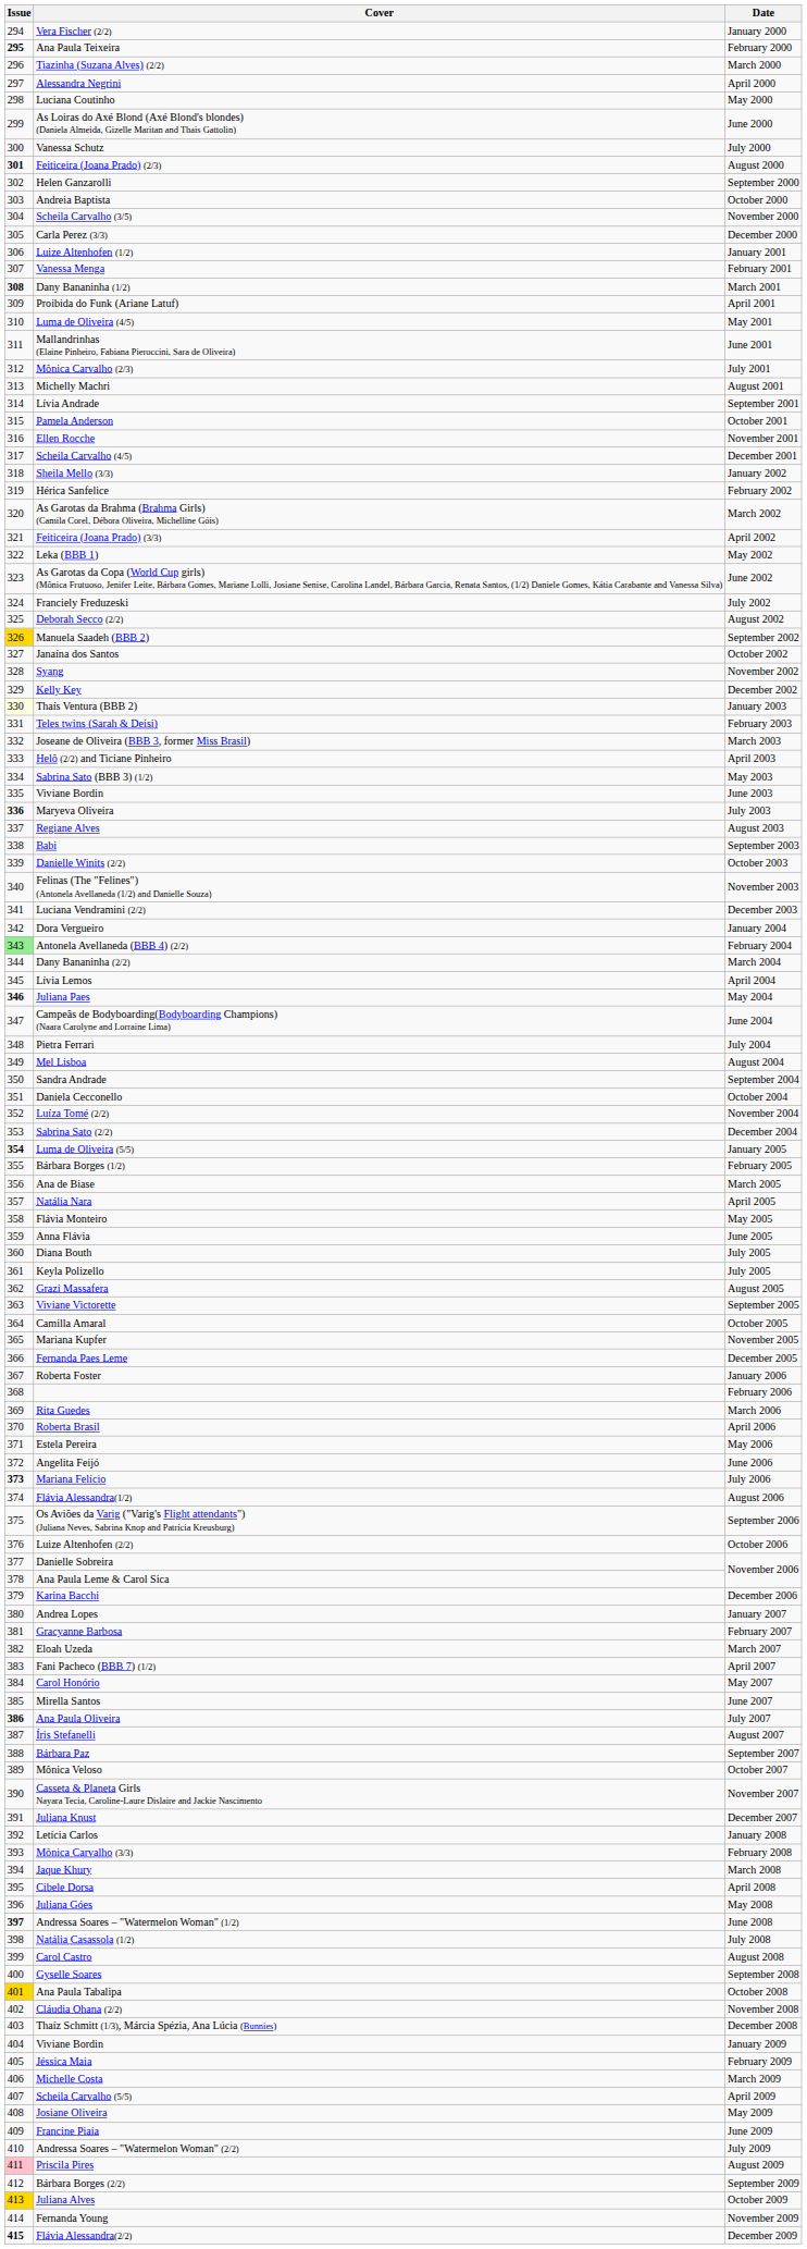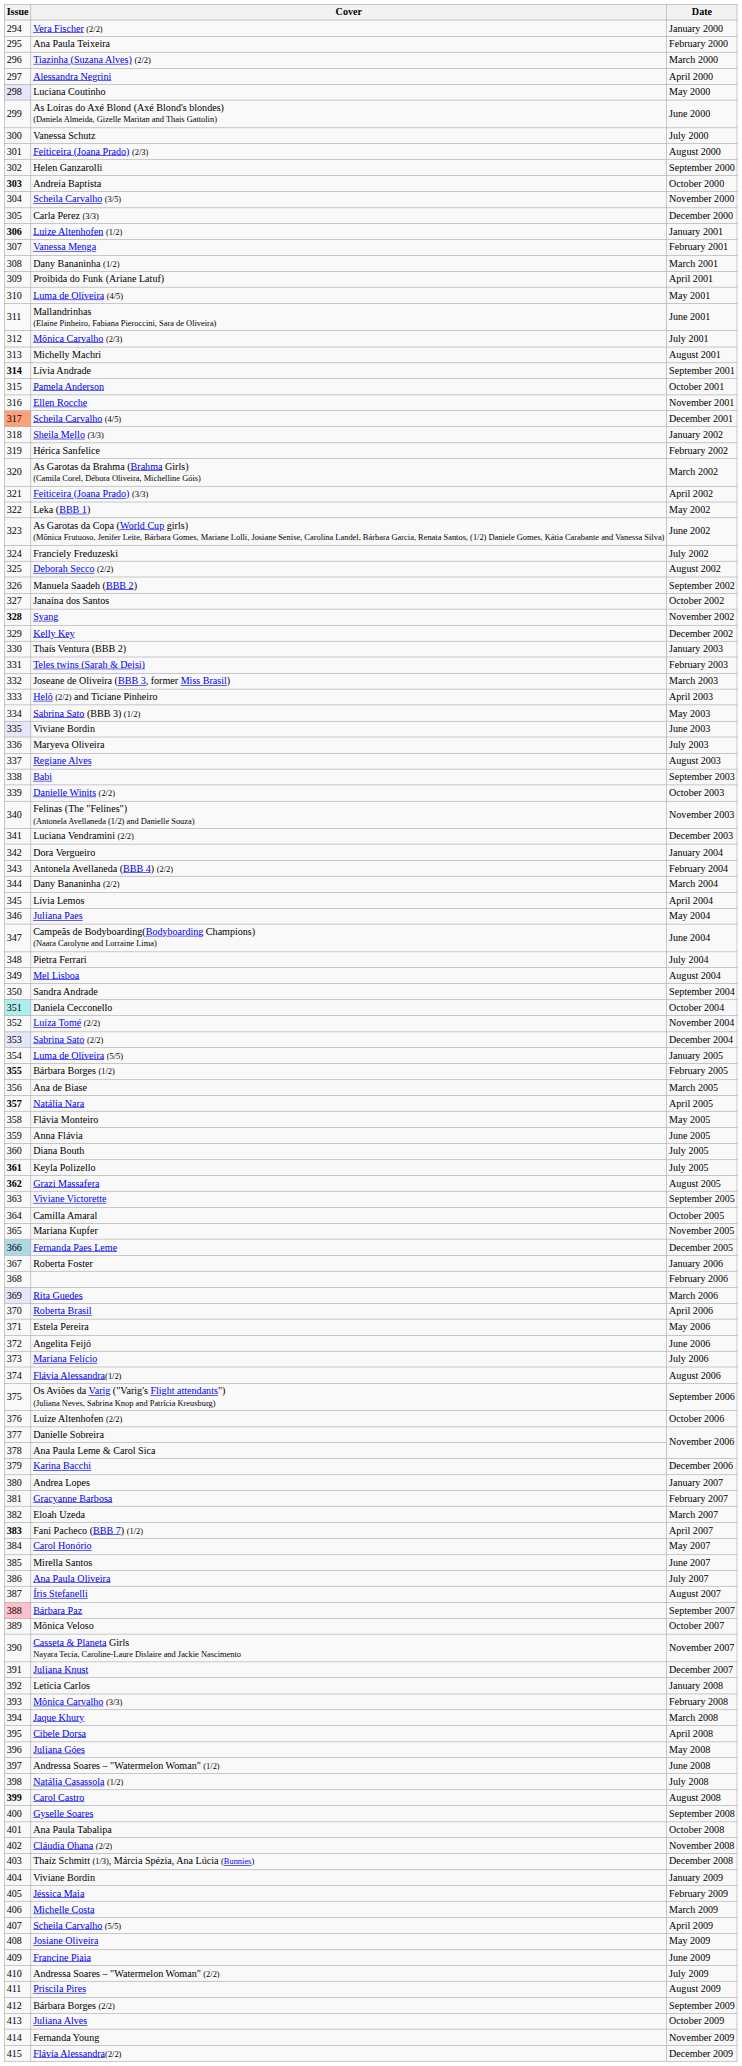 <table class="wikitable">
 <tr>
 <th>Issue</th>
 <th>Cover</th>
 <th>Date</th>
 </tr>
 <tr>
 <td>294</td>
 <td><a href='#'>Vera Fischer</a> <small>(2/2)</small></td>
 <td>January 2000</td>
 </tr>
 <tr>
-<td><strong>295</strong></td>
+<td>295</td>
 <td>Ana Paula Teixeira</td>
 <td>February 2000</td>
 </tr>
 <tr>
 <td>296</td>
 <td><a href='#'>Tiazinha (Suzana Alves)</a> <small>(2/2)</small></td>
 <td>March 2000</td>
 </tr>
 <tr>
 <td>297</td>
 <td><a href='#'>Alessandra Negrini</a></td>
 <td>April 2000</td>
 </tr>
 <tr>
-<td>298</td>
+<td style="background: lavender;">298</td>
 <td>Luciana Coutinho</td>
 <td>May 2000</td>
 </tr>
 <tr>
 <td>299</td>
 <td>As Loiras do Axé Blond (Axé Blond's blondes)<br><small>(Daniela Almeida, Gizelle Maritan and Thais Gattolin)</small></td>
 <td>June 2000</td>
 </tr>
 <tr>
 <td>300</td>
 <td>Vanessa Schutz</td>
 <td>July 2000</td>
 </tr>
 <tr>
-<td><strong>301</strong></td>
+<td>301</td>
 <td><a href='#'>Feiticeira (Joana Prado)</a> <small>(2/3)</small></td>
 <td>August 2000</td>
 </tr>
 <tr>
 <td>302</td>
 <td>Helen Ganzarolli</td>
 <td>September 2000</td>
 </tr>
 <tr>
-<td>303</td>
+<td><strong>303</strong></td>
 <td>Andreia Baptista</td>
 <td>October 2000</td>
 </tr>
 <tr>
 <td>304</td>
 <td><a href='#'>Scheila Carvalho</a> <small>(3/5)</small></td>
 <td>November 2000</td>
 </tr>
 <tr>
 <td>305</td>
 <td>Carla Perez <small>(3/3)</small></td>
 <td>December 2000</td>
 </tr>
 <tr>
-<td>306</td>
+<td><strong>306</strong></td>
 <td><a href='#'>Luize Altenhofen</a> <small>(1/2)</small></td>
 <td>January 2001</td>
 </tr>
 <tr>
 <td>307</td>
 <td><a href='#'>Vanessa Menga</a></td>
 <td>February 2001</td>
 </tr>
 <tr>
-<td><strong>308</strong></td>
+<td>308</td>
 <td>Dany Bananinha <small>(1/2)</small></td>
 <td>March 2001</td>
 </tr>
 <tr>
 <td>309</td>
 <td>Proibida do Funk (Ariane Latuf)</td>
 <td>April 2001</td>
 </tr>
 <tr>
 <td>310</td>
 <td><a href='#'>Luma de Oliveira</a> <small>(4/5)</small></td>
 <td>May 2001</td>
 </tr>
 <tr>
 <td>311</td>
 <td>Mallandrinhas<br><small>(Elaine Pinheiro, Fabiana Pieroccini, Sara de Oliveira)</small></td>
 <td>June 2001</td>
 </tr>
 <tr>
 <td>312</td>
 <td><a href='#'>Mônica Carvalho</a> <small>(2/3)</small></td>
 <td>July 2001</td>
 </tr>
 <tr>
 <td>313</td>
 <td>Michelly Machri</td>
 <td>August 2001</td>
 </tr>
 <tr>
-<td>314</td>
+<td><strong>314</strong></td>
 <td>Lívia Andrade</td>
 <td>September 2001</td>
 </tr>
 <tr>
 <td>315</td>
 <td><a href='#'>Pamela Anderson</a></td>
 <td>October 2001</td>
 </tr>
 <tr>
 <td>316</td>
 <td><a href='#'>Ellen Rocche</a></td>
 <td>November 2001</td>
 </tr>
 <tr>
-<td>317</td>
+<td style="background: lightsalmon;">317</td>
 <td><a href='#'>Scheila Carvalho</a> <small>(4/5)</small></td>
 <td>December 2001</td>
 </tr>
 <tr>
 <td>318</td>
 <td><a href='#'>Sheila Mello</a> <small>(3/3)</small></td>
 <td>January 2002</td>
 </tr>
 <tr>
 <td>319</td>
 <td>Hérica Sanfelice</td>
 <td>February 2002</td>
 </tr>
 <tr>
 <td>320</td>
 <td>As Garotas da Brahma (<a href='#'>Brahma</a> Girls)<br><small>(Camila Corel, Débora Oliveira, Michelline Góis)</small></td>
 <td>March 2002</td>
 </tr>
 <tr>
 <td>321</td>
 <td><a href='#'>Feiticeira (Joana Prado)</a> <small>(3/3)</small></td>
 <td>April 2002</td>
 </tr>
 <tr>
 <td>322</td>
 <td>Leka (<a href='#'>BBB 1</a>)</td>
 <td>May 2002</td>
 </tr>
 <tr>
 <td>323</td>
 <td>As Garotas da Copa (<a href='#'>World Cup</a> girls)<br><small>(Mônica Frutuoso, Jenifer Leite, Bárbara Gomes, Mariane Lolli, Josiane Senise, Carolina Landel, Bárbara Garcia, Renata Santos, (1/2) Daniele Gomes, Kátia Carabante and Vanessa Silva)</small></td>
 <td>June 2002</td>
 </tr>
 <tr>
 <td>324</td>
 <td>Franciely Freduzeski</td>
 <td>July 2002</td>
 </tr>
 <tr>
 <td>325</td>
 <td><a href='#'>Deborah Secco</a> <small>(2/2)</small></td>
 <td>August 2002</td>
 </tr>
 <tr>
-<td style="background: gold;">326</td>
+<td>326</td>
 <td>Manuela Saadeh (<a href='#'>BBB 2</a>)</td>
 <td>September 2002</td>
 </tr>
 <tr>
 <td>327</td>
 <td>Janaína dos Santos</td>
 <td>October 2002</td>
 </tr>
 <tr>
-<td>328</td>
+<td><strong>328</strong></td>
 <td><a href='#'>Syang</a></td>
 <td>November 2002</td>
 </tr>
 <tr>
 <td>329</td>
 <td><a href='#'>Kelly Key</a></td>
 <td>December 2002</td>
 </tr>
 <tr>
-<td style="background: lightyellow;">330</td>
+<td>330</td>
 <td>Thaís Ventura (BBB 2)</td>
 <td>January 2003</td>
 </tr>
 <tr>
 <td>331</td>
 <td><a href='#'>Teles twins (Sarah & Deisi)</a></td>
 <td>February 2003</td>
 </tr>
 <tr>
 <td>332</td>
 <td>Joseane de Oliveira (<a href='#'>BBB 3</a>, former <a href='#'>Miss Brasil</a>)</td>
 <td>March 2003</td>
 </tr>
 <tr>
 <td>333</td>
 <td><a href='#'>Helô</a> <small>(2/2)</small> and Ticiane Pinheiro</td>
 <td>April 2003</td>
 </tr>
 <tr>
 <td>334</td>
 <td><a href='#'>Sabrina Sato</a> (BBB 3) <small> (1/2)</small></td>
 <td>May 2003</td>
 </tr>
 <tr>
-<td>335</td>
+<td style="background: lavender;">335</td>
 <td>Viviane Bordin</td>
 <td>June 2003</td>
 </tr>
 <tr>
-<td><strong>336</strong></td>
+<td>336</td>
 <td>Maryeva Oliveira</td>
 <td>July 2003</td>
 </tr>
 <tr>
 <td>337</td>
 <td><a href='#'>Regiane Alves</a></td>
 <td>August 2003</td>
 </tr>
 <tr>
 <td>338</td>
 <td><a href='#'>Babi</a></td>
 <td>September 2003</td>
 </tr>
 <tr>
 <td>339</td>
 <td><a href='#'>Danielle Winits</a> <small>(2/2)</small></td>
 <td>October 2003</td>
 </tr>
 <tr>
 <td>340</td>
 <td>Felinas (The "Felines")<br><small>(Antonela Avellaneda (1/2) and Danielle Souza)</small></td>
 <td>November 2003</td>
 </tr>
 <tr>
 <td>341</td>
 <td>Luciana Vendramini <small>(2/2)</small></td>
 <td>December 2003</td>
 </tr>
 <tr>
 <td>342</td>
 <td>Dora Vergueiro</td>
 <td>January 2004</td>
 </tr>
 <tr>
-<td style="background: lightgreen;">343</td>
+<td>343</td>
 <td>Antonela Avellaneda (<a href='#'>BBB 4</a>) <small>(2/2)</small></td>
 <td>February 2004</td>
 </tr>
 <tr>
 <td>344</td>
 <td>Dany Bananinha <small>(2/2)</small></td>
 <td>March 2004</td>
 </tr>
 <tr>
 <td>345</td>
 <td>Lívia Lemos</td>
 <td>April 2004</td>
 </tr>
 <tr>
-<td><strong>346</strong></td>
+<td>346</td>
 <td><a href='#'>Juliana Paes</a></td>
 <td>May 2004</td>
 </tr>
 <tr>
 <td>347</td>
 <td>Campeãs de Bodyboarding(<a href='#'>Bodyboarding</a> Champions)<br><small>(Naara Carolyne and Lorraine Lima)</small></td>
 <td>June 2004</td>
 </tr>
 <tr>
 <td>348</td>
 <td>Pietra Ferrari</td>
 <td>July 2004</td>
 </tr>
 <tr>
 <td>349</td>
 <td><a href='#'>Mel Lisboa</a></td>
 <td>August 2004</td>
 </tr>
 <tr>
 <td>350</td>
 <td>Sandra Andrade</td>
 <td>September 2004</td>
 </tr>
 <tr>
-<td>351</td>
+<td style="background: paleturquoise;">351</td>
 <td>Daniela Cecconello</td>
 <td>October 2004</td>
 </tr>
 <tr>
 <td>352</td>
 <td><a href='#'>Luíza Tomé</a> <small>(2/2)</small></td>
 <td>November 2004</td>
 </tr>
 <tr>
-<td>353</td>
+<td style="background: lavender;">353</td>
 <td><a href='#'>Sabrina Sato</a> <small>(2/2)</small></td>
 <td>December 2004</td>
 </tr>
 <tr>
-<td><strong>354</strong></td>
+<td>354</td>
 <td><a href='#'>Luma de Oliveira</a> <small>(5/5)</small></td>
 <td>January 2005</td>
 </tr>
 <tr>
-<td>355</td>
+<td><strong>355</strong></td>
 <td>Bárbara Borges <small>(1/2)</small></td>
 <td>February 2005</td>
 </tr>
 <tr>
 <td>356</td>
 <td>Ana de Biase</td>
 <td>March 2005</td>
 </tr>
 <tr>
-<td>357</td>
+<td><strong>357</strong></td>
 <td><a href='#'>Natália Nara</a></td>
 <td>April 2005</td>
 </tr>
 <tr>
 <td>358</td>
 <td>Flávia Monteiro</td>
 <td>May 2005</td>
 </tr>
 <tr>
 <td>359</td>
 <td>Anna Flávia</td>
 <td>June 2005</td>
 </tr>
 <tr>
 <td>360</td>
 <td>Diana Bouth</td>
 <td>July 2005</td>
 </tr>
 <tr>
-<td>361</td>
+<td><strong>361</strong></td>
 <td>Keyla Polizello</td>
 <td>July 2005</td>
 </tr>
 <tr>
-<td>362</td>
+<td><strong>362</strong></td>
 <td><a href='#'>Grazi Massafera</a></td>
 <td>August 2005</td>
 </tr>
 <tr>
 <td>363</td>
 <td><a href='#'>Viviane Victorette</a></td>
 <td>September 2005</td>
 </tr>
 <tr>
 <td>364</td>
 <td>Camilla Amaral</td>
 <td>October 2005</td>
 </tr>
 <tr>
 <td>365</td>
 <td>Mariana Kupfer</td>
 <td>November 2005</td>
 </tr>
 <tr>
-<td>366</td>
+<td style="background: lightblue;">366</td>
 <td><a href='#'>Fernanda Paes Leme</a></td>
 <td>December 2005</td>
 </tr>
 <tr>
 <td>367</td>
 <td>Roberta Foster</td>
 <td>January 2006</td>
 </tr>
 <tr>
 <td>368</td>
 <td></td>
 <td>February 2006</td>
 </tr>
 <tr>
-<td>369</td>
+<td style="background: lavender;">369</td>
 <td><a href='#'>Rita Guedes</a></td>
 <td>March 2006</td>
 </tr>
 <tr>
 <td>370</td>
 <td><a href='#'>Roberta Brasil</a></td>
 <td>April 2006</td>
 </tr>
 <tr>
 <td>371</td>
 <td>Estela Pereira</td>
 <td>May 2006</td>
 </tr>
 <tr>
 <td>372</td>
 <td>Angelita Feijó</td>
 <td>June 2006</td>
 </tr>
 <tr>
-<td><strong>373</strong></td>
+<td>373</td>
 <td><a href='#'>Mariana Felício</a></td>
 <td>July 2006</td>
 </tr>
 <tr>
 <td>374</td>
 <td><a href='#'>Flávia Alessandra</a><small>(1/2)</small></td>
 <td>August 2006</td>
 </tr>
 <tr>
 <td>375</td>
 <td>Os Aviões da <a href='#'>Varig</a> ("Varig's <a href='#'>Flight attendants</a>")<br><small>(Juliana Neves, Sabrina Knop and Patrícia Kreusburg)</small></td>
 <td>September 2006</td>
 </tr>
 <tr>
 <td>376</td>
 <td>Luize Altenhofen <small>(2/2)</small></td>
 <td>October 2006</td>
 </tr>
 <tr>
 <td>377</td>
 <td>Danielle Sobreira</td>
 <td rowspan=2>November 2006</td>
 </tr>
 <tr>
 <td>378</td>
 <td>Ana Paula Leme & Carol Sica</td>
 </tr>
 <tr>
 <td>379</td>
 <td><a href='#'>Karina Bacchi</a></td>
 <td>December 2006</td>
 </tr>
 <tr>
 <td>380</td>
 <td>Andrea Lopes</td>
 <td>January 2007</td>
 </tr>
 <tr>
 <td>381</td>
 <td><a href='#'>Gracyanne Barbosa</a></td>
 <td>February 2007</td>
 </tr>
 <tr>
 <td>382</td>
 <td>Eloah Uzeda</td>
 <td>March 2007</td>
 </tr>
 <tr>
-<td>383</td>
+<td><strong>383</strong></td>
 <td>Fani Pacheco (<a href='#'>BBB 7</a>) <small>(1/2)</small></td>
 <td>April 2007</td>
 </tr>
 <tr>
 <td>384</td>
 <td><a href='#'>Carol Honório</a></td>
 <td>May 2007</td>
 </tr>
 <tr>
 <td>385</td>
 <td>Mirella Santos</td>
 <td>June 2007</td>
 </tr>
 <tr>
-<td><strong>386</strong></td>
+<td>386</td>
 <td><a href='#'>Ana Paula Oliveira</a></td>
 <td>July 2007</td>
 </tr>
 <tr>
 <td>387</td>
 <td><a href='#'>Íris Stefanelli</a></td>
 <td>August 2007</td>
 </tr>
 <tr>
-<td>388</td>
+<td style="background: pink;">388</td>
 <td><a href='#'>Bárbara Paz</a></td>
 <td>September 2007</td>
 </tr>
 <tr>
 <td>389</td>
 <td>Mônica Veloso</td>
 <td>October 2007</td>
 </tr>
 <tr>
 <td>390</td>
 <td><a href='#'>Casseta & Planeta</a> Girls<br><small>Nayara Tecia, Caroline-Laure Dislaire and Jackie Nascimento</small></td>
 <td>November 2007</td>
 </tr>
 <tr>
 <td>391</td>
 <td><a href='#'>Juliana Knust</a></td>
 <td>December 2007</td>
 </tr>
 <tr>
 <td>392</td>
 <td>Letícia Carlos</td>
 <td>January 2008</td>
 </tr>
 <tr>
 <td>393</td>
 <td><a href='#'>Mônica Carvalho</a> <small>(3/3)</small></td>
 <td>February 2008</td>
 </tr>
 <tr>
 <td>394</td>
 <td><a href='#'>Jaque Khury</a></td>
 <td>March 2008</td>
 </tr>
 <tr>
 <td>395</td>
 <td><a href='#'>Cibele Dorsa</a></td>
 <td>April 2008</td>
 </tr>
 <tr>
 <td>396</td>
 <td><a href='#'>Juliana Góes</a></td>
 <td>May 2008</td>
 </tr>
 <tr>
-<td><strong>397</strong></td>
+<td>397</td>
 <td>Andressa Soares – "Watermelon Woman" <small>(1/2)</small></td>
 <td>June 2008</td>
 </tr>
 <tr>
 <td>398</td>
 <td><a href='#'>Natália Casassola</a> <small>(1/2)</small></td>
 <td>July 2008</td>
 </tr>
 <tr>
-<td>399</td>
+<td><strong>399</strong></td>
 <td><a href='#'>Carol Castro</a></td>
 <td>August 2008</td>
 </tr>
 <tr>
 <td>400</td>
 <td><a href='#'>Gyselle Soares</a></td>
 <td>September 2008</td>
 </tr>
 <tr>
-<td style="background: gold;">401</td>
+<td>401</td>
 <td>Ana Paula Tabalipa</td>
 <td>October 2008</td>
 </tr>
 <tr>
 <td>402</td>
 <td><a href='#'>Cláudia Ohana</a> <small>(2/2)</small></td>
 <td>November 2008</td>
 </tr>
 <tr>
 <td>403</td>
 <td>Thaíz Schmitt <small>(1/3)</small>, Márcia Spézia, Ana Lúcia <small>(<a href='#'>Bunnies</a>)</small></td>
 <td>December 2008</td>
 </tr>
 <tr>
 <td>404</td>
 <td>Viviane Bordin</td>
 <td>January 2009</td>
 </tr>
 <tr>
 <td>405</td>
 <td><a href='#'>Jéssica Maia</a></td>
 <td>February 2009</td>
 </tr>
 <tr>
 <td>406</td>
 <td><a href='#'>Michelle Costa</a></td>
 <td>March 2009</td>
 </tr>
 <tr>
 <td>407</td>
 <td><a href='#'>Scheila Carvalho</a> <small>(5/5)</small></td>
 <td>April 2009</td>
 </tr>
 <tr>
 <td>408</td>
 <td><a href='#'>Josiane Oliveira</a></td>
 <td>May 2009</td>
 </tr>
 <tr>
 <td>409</td>
 <td><a href='#'>Francine Piaia</a></td>
 <td>June 2009</td>
 </tr>
 <tr>
 <td>410</td>
 <td>Andressa Soares – "Watermelon Woman" <small>(2/2)</small></td>
 <td>July 2009</td>
 </tr>
 <tr>
-<td style="background: pink;">411</td>
+<td>411</td>
 <td><a href='#'>Priscila Pires</a></td>
 <td>August 2009</td>
 </tr>
 <tr>
 <td>412</td>
 <td>Bárbara Borges <small>(2/2)</small></td>
 <td>September 2009</td>
 </tr>
 <tr>
-<td style="background: gold;">413</td>
+<td>413</td>
 <td><a href='#'>Juliana Alves</a></td>
 <td>October 2009</td>
 </tr>
 <tr>
 <td>414</td>
 <td>Fernanda Young</td>
 <td>November 2009</td>
 </tr>
 <tr>
-<td><strong>415</strong></td>
+<td>415</td>
 <td><a href='#'>Flávia Alessandra</a><small>(2/2)</small></td>
 <td>December 2009</td>
 </tr>
 </table>
